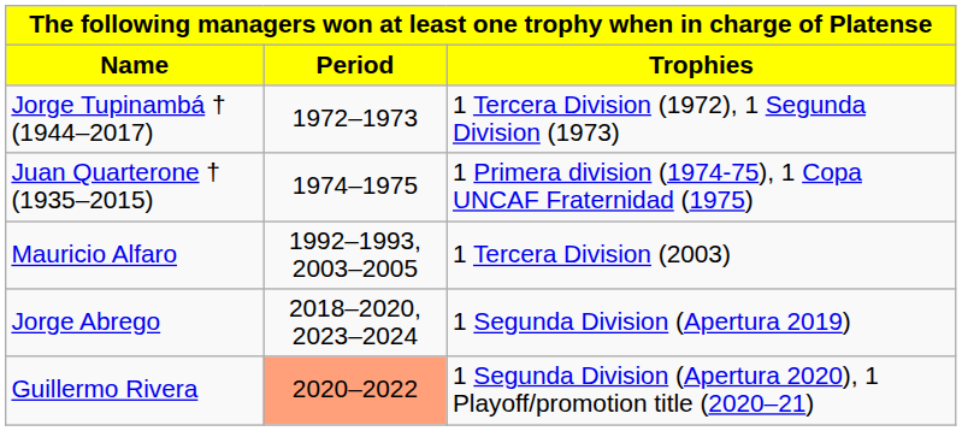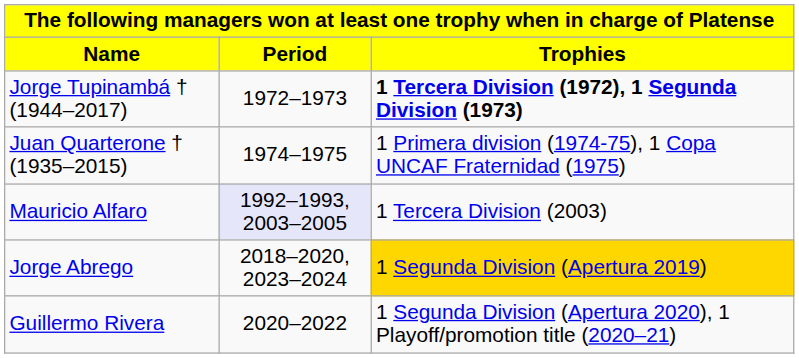 <table class="wikitable">
 <tr>
 <td bgcolor="#FFFF00" align="center" colspan="5"><strong><span>The following managers won at least one trophy when in charge of Platense</span></strong></td>
 </tr>
 <tr>
 <th style="color:black; background:#FFFF00;">Name</th>
 <th style="color:black; background:#FFFF00;">Period</th>
 <th style="color:black; background:#FFFF00;">Trophies</th>
 </tr>
 <tr>
 <td> <a href='#'>Jorge Tupinambá</a> † (1944–2017)</td>
 <td style="text-align:center">1972–1973</td>
-<td>1 <a href='#'>Tercera Division</a> (1972), 1 <a href='#'>Segunda Division</a> (1973)</td>
+<td><strong>1 <a href='#'>Tercera Division</a> (1972), 1 <a href='#'>Segunda Division</a> (1973)</strong></td>
 </tr>
 <tr>
 <td> <a href='#'>Juan Quarterone</a> † (1935–2015)</td>
 <td style="text-align:center">1974–1975</td>
 <td>1 <a href='#'>Primera division</a> (<a href='#'>1974-75</a>), 1 <a href='#'>Copa UNCAF Fraternidad</a> (<a href='#'>1975</a>)</td>
 </tr>
 <tr>
 <td> <a href='#'>Mauricio Alfaro</a></td>
-<td style="text-align:center">1992–1993, 2003–2005</td>
+<td style="background: lavender; text-align:center">1992–1993, 2003–2005</td>
 <td>1 <a href='#'>Tercera Division</a> (2003)</td>
 </tr>
 <tr>
 <td> <a href='#'>Jorge Abrego</a></td>
 <td style="text-align:center">2018–2020, 2023–2024</td>
-<td>1 <a href='#'>Segunda Division</a> (<a href='#'>Apertura 2019</a>)</td>
+<td style="background: gold;">1 <a href='#'>Segunda Division</a> (<a href='#'>Apertura 2019</a>)</td>
 </tr>
 <tr>
 <td> <a href='#'>Guillermo Rivera</a></td>
-<td style="background: lightsalmon; text-align:center">2020–2022</td>
+<td style="text-align:center">2020–2022</td>
 <td>1 <a href='#'>Segunda Division</a> (<a href='#'>Apertura 2020</a>), 1 Playoff/promotion title (<a href='#'>2020–21</a>)</td>
 </tr>
 </table>
